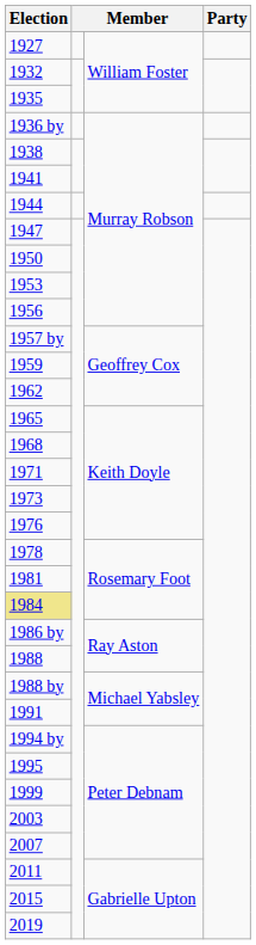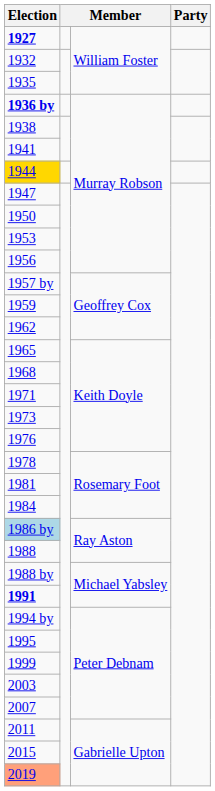 <table class="wikitable">
 <tr>
 <th>Election</th>
 <th colspan="2">Member</th>
 <th>Party</th>
 </tr>
 <tr>
-<td><a href='#'>1927</a></td>
+<td><strong><a href='#'>1927</a></strong></td>
 <td> </td>
 <td rowspan="3"><a href='#'>William Foster</a></td>
 <td></td>
 </tr>
 <tr>
 <td><a href='#'>1932</a></td>
 <td rowspan="2" > </td>
 <td rowspan="2"></td>
 </tr>
 <tr>
 <td><a href='#'>1935</a></td>
 </tr>
 <tr>
-<td><a href='#'>1936 by</a></td>
+<td><strong><a href='#'>1936 by</a></strong></td>
 <td> </td>
 <td rowspan="8"><a href='#'>Murray Robson</a></td>
 <td></td>
 </tr>
 <tr>
 <td><a href='#'>1938</a></td>
 <td rowspan="2" > </td>
 <td rowspan="2"></td>
 </tr>
 <tr>
 <td><a href='#'>1941</a></td>
 </tr>
 <tr>
-<td><a href='#'>1944</a></td>
+<td style="background: gold;"><a href='#'>1944</a></td>
 <td> </td>
 <td></td>
 </tr>
 <tr>
 <td><a href='#'>1947</a></td>
 <td rowspan="27" > </td>
 <td rowspan="27"></td>
 </tr>
 <tr>
 <td><a href='#'>1950</a></td>
 </tr>
 <tr>
 <td><a href='#'>1953</a></td>
 </tr>
 <tr>
 <td><a href='#'>1956</a></td>
 </tr>
 <tr>
 <td><a href='#'>1957 by</a></td>
 <td rowspan="3"><a href='#'>Geoffrey Cox</a></td>
 </tr>
 <tr>
 <td><a href='#'>1959</a></td>
 </tr>
 <tr>
 <td><a href='#'>1962</a></td>
 </tr>
 <tr>
 <td><a href='#'>1965</a></td>
 <td rowspan="5"><a href='#'>Keith Doyle</a></td>
 </tr>
 <tr>
 <td><a href='#'>1968</a></td>
 </tr>
 <tr>
 <td><a href='#'>1971</a></td>
 </tr>
 <tr>
 <td><a href='#'>1973</a></td>
 </tr>
 <tr>
 <td><a href='#'>1976</a></td>
 </tr>
 <tr>
 <td><a href='#'>1978</a></td>
 <td rowspan="3"><a href='#'>Rosemary Foot</a></td>
 </tr>
 <tr>
 <td><a href='#'>1981</a></td>
 </tr>
 <tr>
-<td style="background: khaki;"><a href='#'>1984</a></td>
+<td><a href='#'>1984</a></td>
 </tr>
 <tr>
-<td><a href='#'>1986 by</a></td>
+<td style="background: lightblue;"><a href='#'>1986 by</a></td>
 <td rowspan="2"><a href='#'>Ray Aston</a></td>
 </tr>
 <tr>
 <td><a href='#'>1988</a></td>
 </tr>
 <tr>
 <td><a href='#'>1988 by</a></td>
 <td rowspan="2"><a href='#'>Michael Yabsley</a></td>
 </tr>
 <tr>
-<td><a href='#'>1991</a></td>
+<td><strong><a href='#'>1991</a></strong></td>
 </tr>
 <tr>
 <td><a href='#'>1994 by</a></td>
 <td rowspan="5"><a href='#'>Peter Debnam</a></td>
 </tr>
 <tr>
 <td><a href='#'>1995</a></td>
 </tr>
 <tr>
 <td><a href='#'>1999</a></td>
 </tr>
 <tr>
 <td><a href='#'>2003</a></td>
 </tr>
 <tr>
 <td><a href='#'>2007</a></td>
 </tr>
 <tr>
 <td><a href='#'>2011</a></td>
 <td rowspan="3"><a href='#'>Gabrielle Upton</a></td>
 </tr>
 <tr>
 <td><a href='#'>2015</a></td>
 </tr>
 <tr>
-<td><a href='#'>2019</a></td>
+<td style="background: lightsalmon;"><a href='#'>2019</a></td>
 </tr>
 </table>
